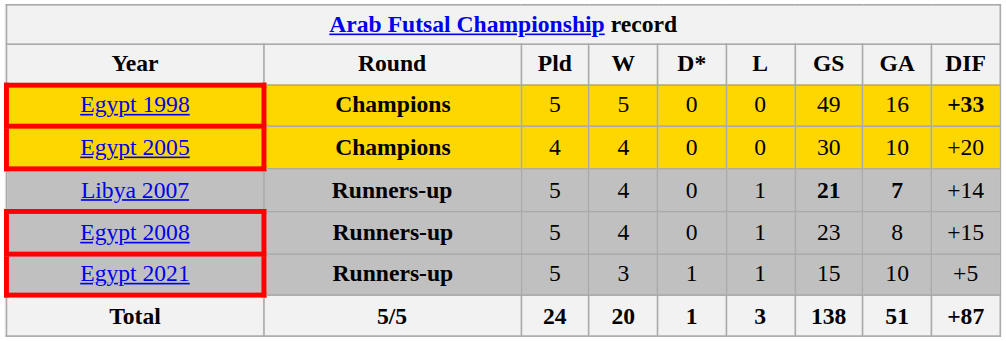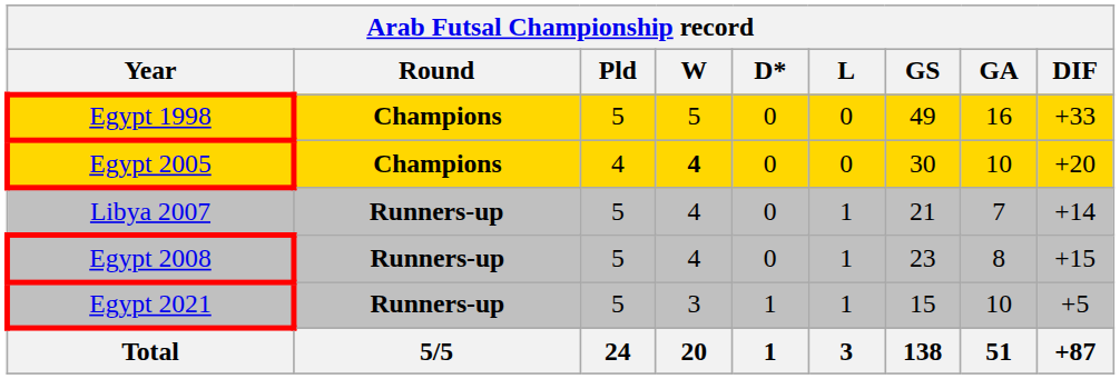 <table class="wikitable" style="text-align: center;font-size:90%;">
 <tr>
 <th colspan=9><a href='#'>Arab Futsal Championship</a> record</th>
 </tr>
 <tr>
 <th width=150>Year</th>
 <th width=150>Round</th>
 <th width=35>Pld</th>
 <th width=35>W</th>
 <th width=35>D*</th>
 <th width=35>L</th>
 <th width=35>GS</th>
 <th width=35>GA</th>
 <th width=35>DIF</th>
 </tr>
 <tr bgcolor=gold>
 <td style="border: 3px solid red"><a href='#'>Egypt 1998</a></td>
 <td><strong>Champions</strong></td>
 <td>5</td>
 <td>5</td>
 <td>0</td>
 <td>0</td>
 <td>49</td>
 <td>16</td>
-<td><strong>+33</strong></td>
+<td>+33</td>
 </tr>
 <tr bgcolor=gold>
 <td style="border: 3px solid red"><a href='#'>Egypt 2005</a></td>
 <td><strong>Champions</strong></td>
 <td>4</td>
-<td>4</td>
+<td><strong>4</strong></td>
 <td>0</td>
 <td>0</td>
 <td>30</td>
 <td>10</td>
 <td>+20</td>
 </tr>
 <tr bgcolor=silver>
 <td><a href='#'>Libya 2007</a></td>
 <td><strong>Runners-up</strong></td>
 <td>5</td>
 <td>4</td>
 <td>0</td>
 <td>1</td>
-<td><strong>21</strong></td>
-<td><strong>7</strong></td>
+<td>21</td>
+<td>7</td>
 <td>+14</td>
 </tr>
 <tr bgcolor=silver>
 <td style="border: 3px solid red"><a href='#'>Egypt 2008</a></td>
 <td><strong>Runners-up</strong></td>
 <td>5</td>
 <td>4</td>
 <td>0</td>
 <td>1</td>
 <td>23</td>
 <td>8</td>
 <td>+15</td>
 </tr>
 <tr bgcolor=silver>
 <td style="border: 3px solid red"><a href='#'>Egypt 2021</a></td>
 <td><strong>Runners-up</strong></td>
 <td>5</td>
 <td>3</td>
 <td>1</td>
 <td>1</td>
 <td>15</td>
 <td>10</td>
 <td>+5</td>
 </tr>
 <tr>
 <th><strong>Total</strong></th>
 <th>5/5</th>
 <th>24</th>
 <th>20</th>
 <th>1</th>
 <th>3</th>
 <th>138</th>
 <th>51</th>
 <th>+87</th>
 </tr>
 </table>
